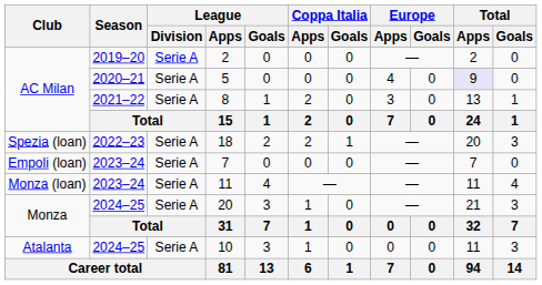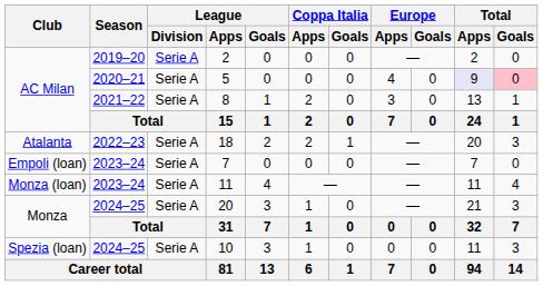 <table class="wikitable" style="text-align:center">
 <tr>
 <th rowspan="2">Club</th>
 <th rowspan="2">Season</th>
 <th colspan="3">League</th>
 <th colspan="2"><a href='#'>Coppa Italia</a></th>
 <th colspan="2"><a href='#'>Europe</a></th>
 <th colspan="2">Total</th>
 </tr>
 <tr>
 <th>Division</th>
 <th>Apps</th>
 <th>Goals</th>
 <th>Apps</th>
 <th>Goals</th>
 <th>Apps</th>
 <th>Goals</th>
 <th>Apps</th>
 <th>Goals</th>
 </tr>
 <tr>
 <td rowspan="4"><a href='#'>AC Milan</a></td>
 <td><a href='#'>2019–20</a></td>
 <td><a href='#'>Serie A</a></td>
 <td>2</td>
 <td>0</td>
 <td>0</td>
 <td>0</td>
 <td colspan="2">—</td>
 <td>2</td>
 <td>0</td>
 </tr>
 <tr>
 <td><a href='#'>2020–21</a></td>
 <td>Serie A</td>
 <td>5</td>
 <td>0</td>
 <td>0</td>
 <td>0</td>
 <td>4</td>
 <td>0</td>
 <td style="background: lavender;">9</td>
-<td>0</td>
+<td style="background: pink;">0</td>
 </tr>
 <tr>
 <td><a href='#'>2021–22</a></td>
 <td>Serie A</td>
 <td>8</td>
 <td>1</td>
 <td>2</td>
 <td>0</td>
 <td>3</td>
 <td>0</td>
 <td>13</td>
 <td>1</td>
 </tr>
 <tr>
 <th colspan="2">Total</th>
 <th>15</th>
 <th>1</th>
 <th>2</th>
 <th>0</th>
 <th>7</th>
 <th>0</th>
 <th>24</th>
 <th>1</th>
 </tr>
 <tr>
-<td><a href='#'>Spezia</a> (loan)</td>
+<td><a href='#'>Atalanta</a></td>
 <td><a href='#'>2022–23</a></td>
 <td>Serie A</td>
 <td>18</td>
 <td>2</td>
 <td>2</td>
 <td>1</td>
 <td colspan="2">—</td>
 <td>20</td>
 <td>3</td>
 </tr>
 <tr>
 <td><a href='#'>Empoli</a> (loan)</td>
 <td><a href='#'>2023–24</a></td>
 <td>Serie A</td>
 <td>7</td>
 <td>0</td>
 <td>0</td>
 <td>0</td>
 <td colspan="2">—</td>
 <td>7</td>
 <td>0</td>
 </tr>
 <tr>
 <td><a href='#'>Monza</a> (loan)</td>
 <td><a href='#'>2023–24</a></td>
 <td>Serie A</td>
 <td>11</td>
 <td>4</td>
 <td colspan="2">—</td>
 <td colspan="2">—</td>
 <td>11</td>
 <td>4</td>
 </tr>
 <tr>
 <td rowspan="2">Monza</td>
 <td><a href='#'>2024–25</a></td>
 <td>Serie A</td>
 <td>20</td>
 <td>3</td>
 <td>1</td>
 <td>0</td>
 <td colspan="2">—</td>
 <td>21</td>
 <td>3</td>
 </tr>
 <tr>
 <th colspan="2">Total</th>
 <th>31</th>
 <th>7</th>
 <th>1</th>
 <th>0</th>
 <th>0</th>
 <th>0</th>
 <th>32</th>
 <th>7</th>
 </tr>
 <tr>
-<td><a href='#'>Atalanta</a></td>
+<td><a href='#'>Spezia</a> (loan)</td>
 <td><a href='#'>2024–25</a></td>
 <td>Serie A</td>
 <td>10</td>
 <td>3</td>
 <td>1</td>
 <td>0</td>
 <td>0</td>
 <td>0</td>
 <td>11</td>
 <td>3</td>
 </tr>
 <tr>
 <th colspan="3">Career total</th>
 <th>81</th>
 <th>13</th>
 <th>6</th>
 <th>1</th>
 <th>7</th>
 <th>0</th>
 <th>94</th>
 <th>14</th>
 </tr>
 </table>
